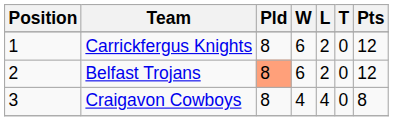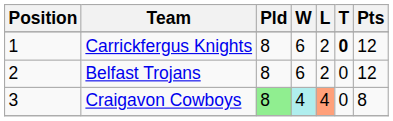 <table class="wikitable">
 <tr>
 <th bgcolor="e5e5e5">Position</th>
 <th bgcolor="#e5e5e5">Team</th>
 <th bgcolor="#e5e5e5">Pld</th>
 <th bgcolor="#e5e5e5">W</th>
 <th bgcolor="#e5e5e5">L</th>
 <th bgcolor="#e5e5e5">T</th>
 <th bgcolor="e5e5e5">Pts</th>
 </tr>
 <tr>
 </tr>
 <tr>
 <td>1</td>
 <td><a href='#'>Carrickfergus Knights</a></td>
 <td>8</td>
 <td>6</td>
 <td>2</td>
-<td>0</td>
+<td><strong>0</strong></td>
 <td>12</td>
 </tr>
 <tr>
 <td>2</td>
 <td><a href='#'>Belfast Trojans</a></td>
-<td style="background: lightsalmon;">8</td>
+<td>8</td>
 <td>6</td>
 <td>2</td>
 <td>0</td>
 <td>12</td>
 </tr>
 <tr>
 <td>3</td>
 <td><a href='#'>Craigavon Cowboys</a></td>
-<td>8</td>
-<td>4</td>
-<td>4</td>
+<td style="background: lightgreen;">8</td>
+<td style="background: paleturquoise;">4</td>
+<td style="background: lightsalmon;">4</td>
 <td>0</td>
 <td>8</td>
 </tr>
 <tr>
 </tr>
 </table>
